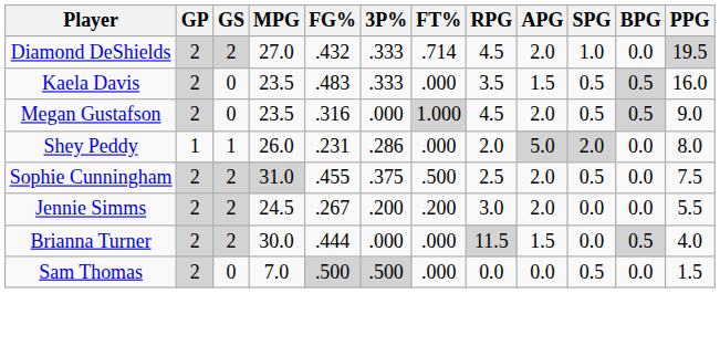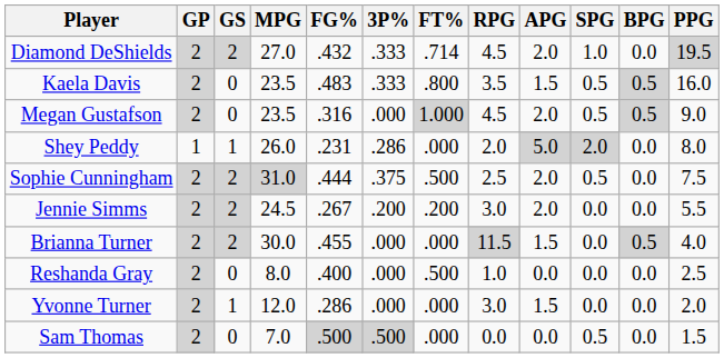 <table class="wikitable sortable" style="text-align:center">
 <tr>
 <th>Player</th>
 <th>GP</th>
 <th>GS</th>
 <th>MPG</th>
 <th>FG%</th>
 <th>3P%</th>
 <th>FT%</th>
 <th>RPG</th>
 <th>APG</th>
 <th>SPG</th>
 <th>BPG</th>
 <th>PPG</th>
 </tr>
 <tr>
 <td><a href='#'>Diamond DeShields</a></td>
 <td style="background:#D3D3D3;">2</td>
 <td style="background:#D3D3D3;">2</td>
 <td>27.0</td>
 <td>.432</td>
 <td>.333</td>
 <td>.714</td>
 <td>4.5</td>
 <td>2.0</td>
 <td>1.0</td>
 <td>0.0</td>
 <td style="background:#D3D3D3;">19.5</td>
 </tr>
 <tr>
 <td><a href='#'>Kaela Davis</a></td>
 <td style="background:#D3D3D3;">2</td>
 <td>0</td>
 <td>23.5</td>
 <td>.483</td>
 <td>.333</td>
-<td>.000</td>
+<td>.800</td>
 <td>3.5</td>
 <td>1.5</td>
 <td>0.5</td>
 <td style="background:#D3D3D3;">0.5</td>
 <td>16.0</td>
 </tr>
 <tr>
 <td><a href='#'>Megan Gustafson</a></td>
 <td style="background:#D3D3D3;">2</td>
 <td>0</td>
 <td>23.5</td>
 <td>.316</td>
 <td>.000</td>
 <td style="background:#D3D3D3;">1.000</td>
 <td>4.5</td>
 <td>2.0</td>
 <td>0.5</td>
 <td style="background:#D3D3D3;">0.5</td>
 <td>9.0</td>
 </tr>
 <tr>
 <td><a href='#'>Shey Peddy</a></td>
 <td>1</td>
 <td>1</td>
 <td>26.0</td>
 <td>.231</td>
 <td>.286</td>
 <td>.000</td>
 <td>2.0</td>
 <td style="background:#D3D3D3;">5.0</td>
 <td style="background:#D3D3D3;">2.0</td>
 <td>0.0</td>
 <td>8.0</td>
 </tr>
 <tr>
 <td><a href='#'>Sophie Cunningham</a></td>
 <td style="background:#D3D3D3;">2</td>
 <td style="background:#D3D3D3;">2</td>
 <td style="background:#D3D3D3;">31.0</td>
-<td>.455</td>
+<td>.444</td>
 <td>.375</td>
 <td>.500</td>
 <td>2.5</td>
 <td>2.0</td>
 <td>0.5</td>
 <td>0.0</td>
 <td>7.5</td>
 </tr>
 <tr>
 <td><a href='#'>Jennie Simms</a></td>
 <td style="background:#D3D3D3;">2</td>
 <td style="background:#D3D3D3;">2</td>
 <td>24.5</td>
 <td>.267</td>
 <td>.200</td>
 <td>.200</td>
 <td>3.0</td>
 <td>2.0</td>
 <td>0.0</td>
 <td>0.0</td>
 <td>5.5</td>
 </tr>
 <tr>
 <td><a href='#'>Brianna Turner</a></td>
 <td style="background:#D3D3D3;">2</td>
 <td style="background:#D3D3D3;">2</td>
 <td>30.0</td>
-<td>.444</td>
+<td>.455</td>
 <td>.000</td>
 <td>.000</td>
 <td style="background:#D3D3D3;">11.5</td>
 <td>1.5</td>
 <td>0.0</td>
 <td style="background:#D3D3D3;">0.5</td>
 <td>4.0</td>
+</tr>
+<tr>
+<td><a href='#'>Reshanda Gray</a></td>
+<td style="background:#D3D3D3;">2</td>
+<td>0</td>
+<td>8.0</td>
+<td>.400</td>
+<td>.000</td>
+<td>.500</td>
+<td>1.0</td>
+<td>0.0</td>
+<td>0.0</td>
+<td>0.0</td>
+<td>2.5</td>
+</tr>
+<tr>
+<td><a href='#'>Yvonne Turner</a></td>
+<td style="background:#D3D3D3;">2</td>
+<td>1</td>
+<td>12.0</td>
+<td>.286</td>
+<td>.000</td>
+<td>.000</td>
+<td>3.0</td>
+<td>1.5</td>
+<td>0.0</td>
+<td>0.0</td>
+<td>2.0</td>
 </tr>
 <tr>
 <td><a href='#'>Sam Thomas</a></td>
 <td style="background:#D3D3D3;">2</td>
 <td>0</td>
 <td>7.0</td>
 <td style="background:#D3D3D3;">.500</td>
 <td style="background:#D3D3D3;">.500</td>
 <td>.000</td>
 <td>0.0</td>
 <td>0.0</td>
 <td>0.5</td>
 <td>0.0</td>
 <td>1.5</td>
 </tr>
 </table>
